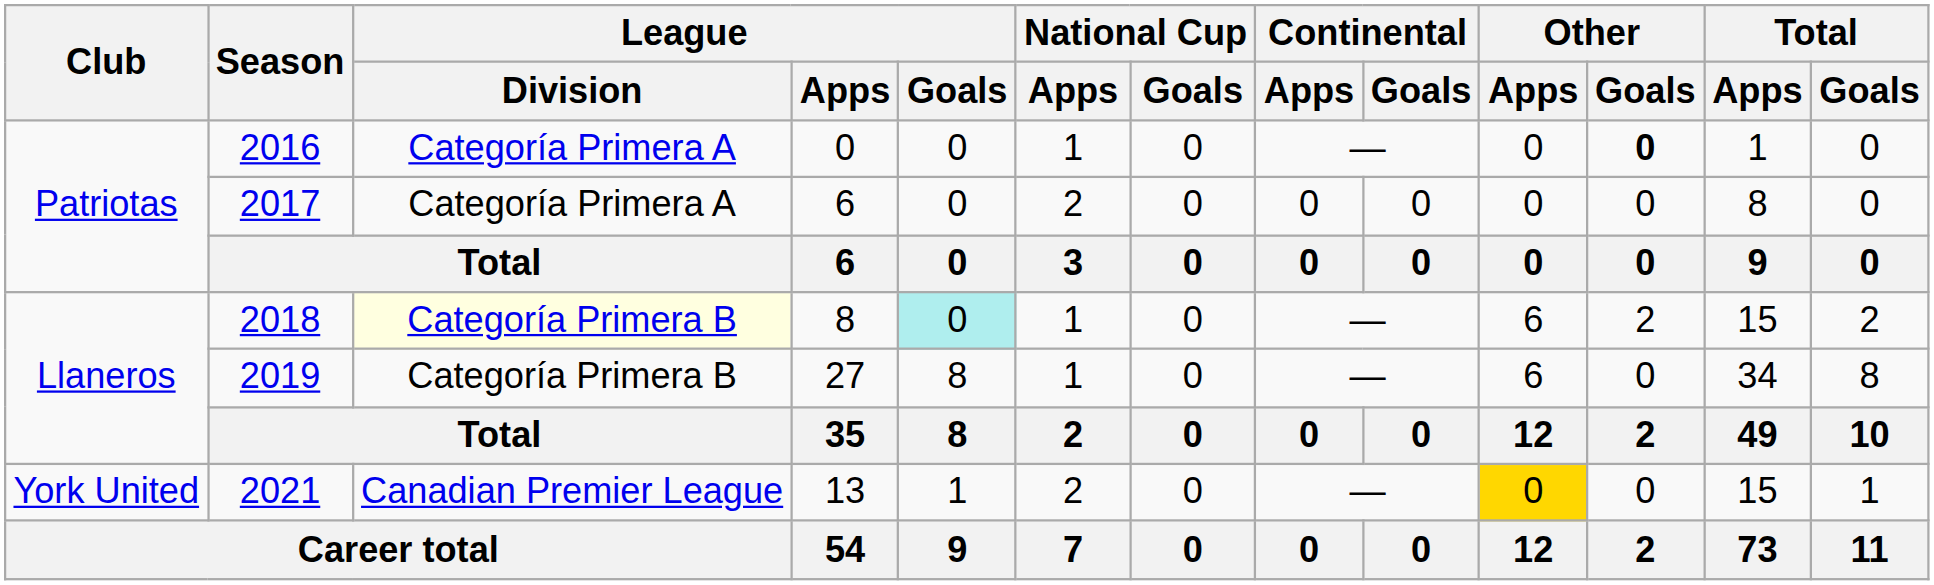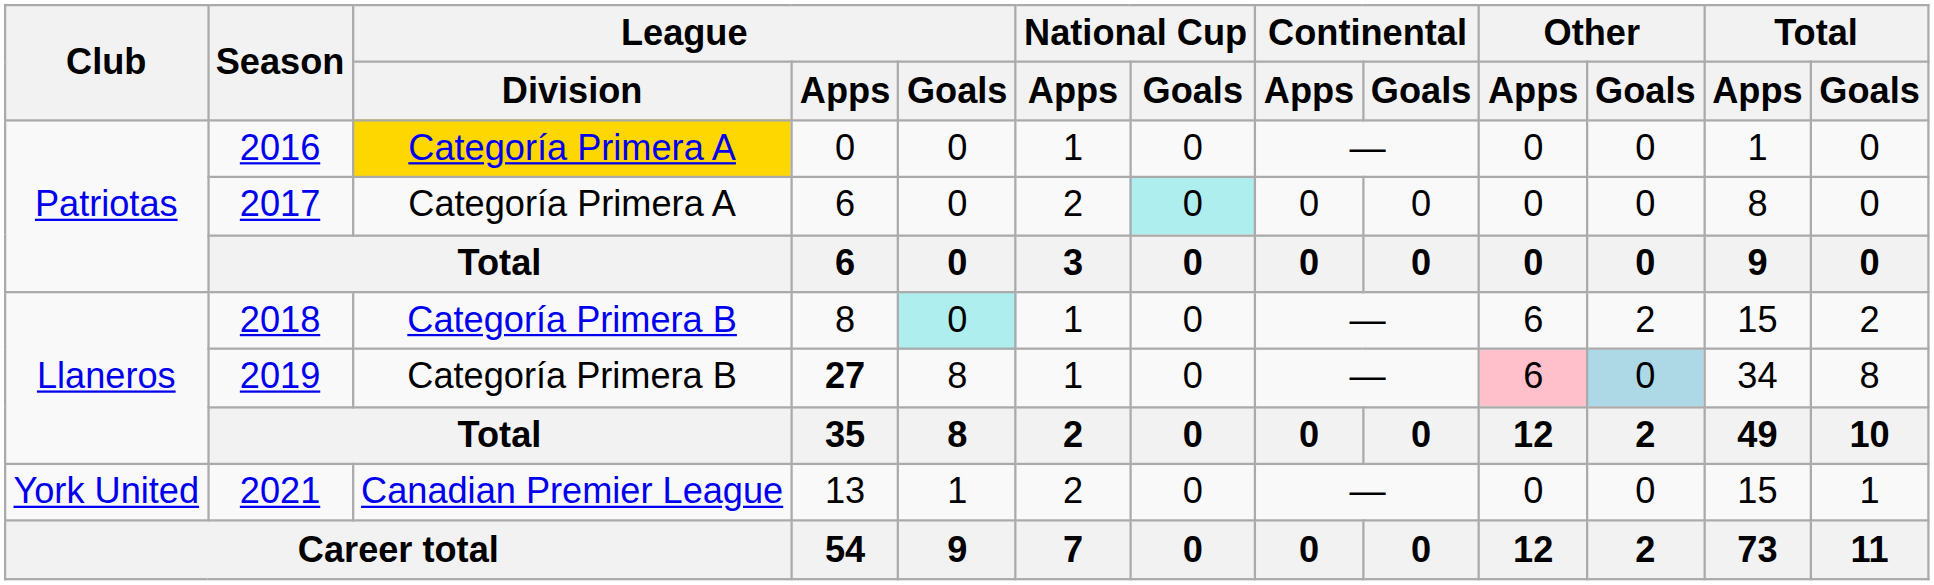 <table class="wikitable" style="text-align:center">
 <tr>
 <th rowspan="2">Club</th>
 <th rowspan="2">Season</th>
 <th colspan="3">League</th>
 <th colspan="2">National Cup</th>
 <th colspan="2">Continental</th>
 <th colspan="2">Other</th>
 <th colspan="2">Total</th>
 </tr>
 <tr>
 <th>Division</th>
 <th>Apps</th>
 <th>Goals</th>
 <th>Apps</th>
 <th>Goals</th>
 <th>Apps</th>
 <th>Goals</th>
 <th>Apps</th>
 <th>Goals</th>
 <th>Apps</th>
 <th>Goals</th>
 </tr>
 <tr>
 <td rowspan="3"><a href='#'>Patriotas</a></td>
 <td><a href='#'>2016</a></td>
-<td><a href='#'>Categoría Primera A</a></td>
+<td style="background: gold;"><a href='#'>Categoría Primera A</a></td>
 <td>0</td>
 <td>0</td>
 <td>1</td>
 <td>0</td>
 <td colspan="2">—</td>
 <td>0</td>
-<td><strong>0</strong></td>
+<td>0</td>
 <td>1</td>
 <td>0</td>
 </tr>
 <tr>
 <td><a href='#'>2017</a></td>
 <td>Categoría Primera A</td>
 <td>6</td>
 <td>0</td>
 <td>2</td>
-<td>0</td>
+<td style="background: paleturquoise;">0</td>
 <td>0</td>
 <td>0</td>
 <td>0</td>
 <td>0</td>
 <td>8</td>
 <td>0</td>
 </tr>
 <tr>
 <th colspan="2">Total</th>
 <th>6</th>
 <th>0</th>
 <th>3</th>
 <th>0</th>
 <th>0</th>
 <th>0</th>
 <th>0</th>
 <th>0</th>
 <th>9</th>
 <th>0</th>
 </tr>
 <tr>
 <td rowspan="3"><a href='#'>Llaneros</a></td>
 <td><a href='#'>2018</a></td>
-<td style="background: lightyellow;"><a href='#'>Categoría Primera B</a></td>
+<td><a href='#'>Categoría Primera B</a></td>
 <td>8</td>
 <td style="background: paleturquoise;">0</td>
 <td>1</td>
 <td>0</td>
 <td colspan="2">—</td>
 <td>6</td>
 <td>2</td>
 <td>15</td>
 <td>2</td>
 </tr>
 <tr>
 <td><a href='#'>2019</a></td>
 <td>Categoría Primera B</td>
-<td>27</td>
+<td><strong>27</strong></td>
 <td>8</td>
 <td>1</td>
 <td>0</td>
 <td colspan="2">—</td>
-<td>6</td>
-<td>0</td>
+<td style="background: pink;">6</td>
+<td style="background: lightblue;">0</td>
 <td>34</td>
 <td>8</td>
 </tr>
 <tr>
 <th colspan="2">Total</th>
 <th>35</th>
 <th>8</th>
 <th>2</th>
 <th>0</th>
 <th>0</th>
 <th>0</th>
 <th>12</th>
 <th>2</th>
 <th>49</th>
 <th>10</th>
 </tr>
 <tr>
 <td rowspan="1"><a href='#'>York United</a></td>
 <td><a href='#'>2021</a></td>
 <td><a href='#'>Canadian Premier League</a></td>
 <td>13</td>
 <td>1</td>
 <td>2</td>
 <td>0</td>
 <td colspan="2">—</td>
-<td style="background: gold;">0</td>
+<td>0</td>
 <td>0</td>
 <td>15</td>
 <td>1</td>
 </tr>
 <tr>
 <th colspan="3">Career total</th>
 <th>54</th>
 <th>9</th>
 <th>7</th>
 <th>0</th>
 <th>0</th>
 <th>0</th>
 <th>12</th>
 <th>2</th>
 <th>73</th>
 <th>11</th>
 </tr>
 </table>
